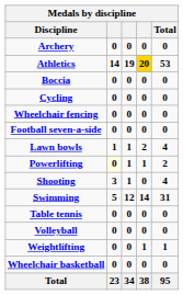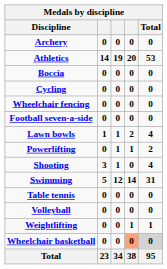 <table class="wikitable" style="font-size:85%" align="right">
 <tr bgcolor="#efefef">
 <th colspan=6>Medals by discipline</th>
 </tr>
 <tr style="text-align:center;">
 <th>Discipline</th>
 <th></th>
 <th></th>
 <th></th>
 <th>Total</th>
 </tr>
 <tr style="text-align:center; font-weight:bold;">
 <td><a href='#'>Archery</a></td>
 <td>0</td>
 <td>0</td>
 <td>0</td>
 <td>0</td>
 </tr>
 <tr style="text-align:center; font-weight:bold;">
 <td><a href='#'>Athletics</a></td>
 <td>14</td>
 <td>19</td>
-<td style="background: gold;">20</td>
+<td>20</td>
 <td>53</td>
 </tr>
 <tr style="text-align:center; font-weight:bold;">
 <td><a href='#'>Boccia</a></td>
 <td>0</td>
 <td>0</td>
 <td>0</td>
 <td>0</td>
 </tr>
 <tr style="text-align:center; font-weight:bold;">
 <td><a href='#'>Cycling</a></td>
 <td>0</td>
 <td>0</td>
 <td>0</td>
 <td>0</td>
 </tr>
 <tr style="text-align:center; font-weight:bold;">
 <td><a href='#'>Wheelchair fencing</a></td>
 <td>0</td>
 <td>0</td>
 <td>0</td>
 <td>0</td>
 </tr>
 <tr style="text-align:center; font-weight:bold;">
 <td><a href='#'>Football seven-a-side</a></td>
 <td>0</td>
 <td>0</td>
 <td>0</td>
 <td>0</td>
 </tr>
 <tr style="text-align:center; font-weight:bold;">
 <td><a href='#'>Lawn bowls</a></td>
 <td>1</td>
 <td>1</td>
 <td>2</td>
 <td>4</td>
 </tr>
 <tr style="text-align:center; font-weight:bold;">
 <td><a href='#'>Powerlifting</a></td>
-<td style="background: lightyellow;">0</td>
+<td>0</td>
 <td>1</td>
 <td>1</td>
 <td>2</td>
 </tr>
 <tr style="text-align:center; font-weight:bold;">
 <td><a href='#'>Shooting</a></td>
 <td>3</td>
 <td>1</td>
 <td>0</td>
 <td>4</td>
 </tr>
 <tr style="text-align:center; font-weight:bold;">
 <td><a href='#'>Swimming</a></td>
 <td>5</td>
 <td>12</td>
 <td>14</td>
 <td>31</td>
 </tr>
 <tr style="text-align:center; font-weight:bold;">
 <td><a href='#'>Table tennis</a></td>
 <td>0</td>
 <td>0</td>
 <td>0</td>
 <td>0</td>
 </tr>
 <tr style="text-align:center; font-weight:bold;">
 <td><a href='#'>Volleyball</a></td>
 <td>0</td>
 <td>0</td>
 <td>0</td>
 <td>0</td>
 </tr>
 <tr style="text-align:center; font-weight:bold;">
 <td><a href='#'>Weightlifting</a></td>
 <td>0</td>
 <td>0</td>
 <td>1</td>
 <td>1</td>
 </tr>
 <tr style="text-align:center; font-weight:bold;">
 <td><a href='#'>Wheelchair basketball</a></td>
 <td>0</td>
 <td>0</td>
-<td>0</td>
-<td>0</td>
+<td style="background: lightsalmon;">0</td>
+<td style="background: lightgrey;">0</td>
 </tr>
 <tr style="text-align:center;">
 <th>Total</th>
 <th>23</th>
 <th>34</th>
 <th>38</th>
 <th>95</th>
 </tr>
 </table>
